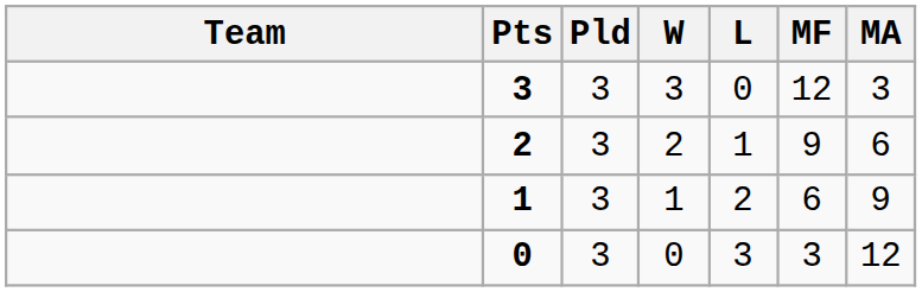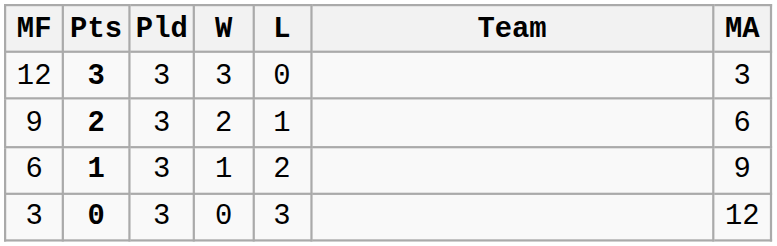 <table class=wikitable style="text-align:center">
 <tr>
-<th width=175>Team</th>
+<th width=20>MF</th>
 <th width=20>Pts</th>
 <th width=20>Pld</th>
 <th width=20>W</th>
 <th width=20>L</th>
-<th width=20>MF</th>
+<th width=175>Team</th>
 <th width=20>MA</th>
 </tr>
 <tr>
-<td style="text-align:left"></td>
+<td>12</td>
 <td><strong>3</strong></td>
 <td>3</td>
 <td>3</td>
 <td>0</td>
-<td>12</td>
+<td style="text-align:left"></td>
 <td>3</td>
 </tr>
 <tr>
-<td style="text-align:left"></td>
+<td>9</td>
 <td><strong>2</strong></td>
 <td>3</td>
 <td>2</td>
 <td>1</td>
-<td>9</td>
+<td style="text-align:left"></td>
 <td>6</td>
 </tr>
 <tr>
-<td style="text-align:left"></td>
+<td>6</td>
 <td><strong>1</strong></td>
 <td>3</td>
 <td>1</td>
 <td>2</td>
-<td>6</td>
+<td style="text-align:left"></td>
 <td>9</td>
 </tr>
 <tr>
-<td style="text-align:left"></td>
+<td>3</td>
 <td><strong>0</strong></td>
 <td>3</td>
 <td>0</td>
 <td>3</td>
-<td>3</td>
+<td style="text-align:left"></td>
 <td>12</td>
 </tr>
 </table>
